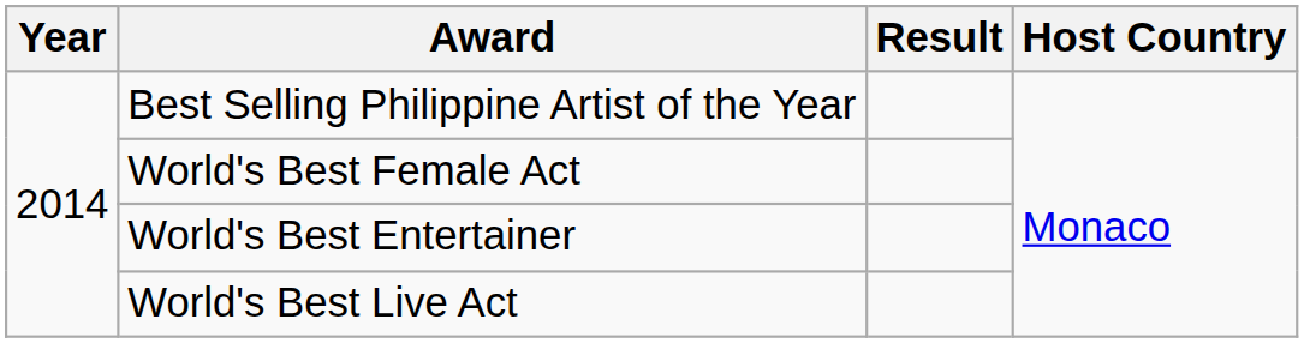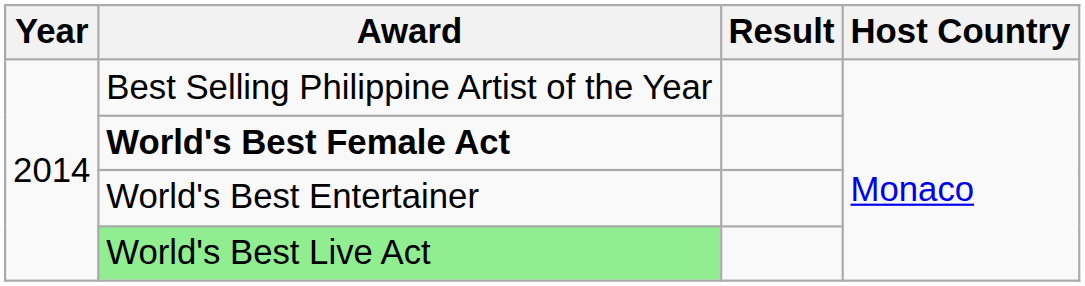 <table class="wikitable">
 <tr>
 <th>Year</th>
 <th>Award</th>
 <th>Result</th>
 <th>Host Country</th>
 </tr>
 <tr>
 <td rowspan="4">2014</td>
 <td>Best Selling Philippine Artist of the Year</td>
 <td></td>
 <td rowspan="4"> <br> <a href='#'>Monaco</a></td>
 </tr>
 <tr>
-<td>World's Best Female Act</td>
+<td><strong>World's Best Female Act</strong></td>
 <td></td>
 </tr>
 <tr>
 <td>World's Best Entertainer</td>
 <td></td>
 </tr>
 <tr>
-<td>World's Best Live Act</td>
+<td style="background: lightgreen;">World's Best Live Act</td>
 <td></td>
 </tr>
 </table>
